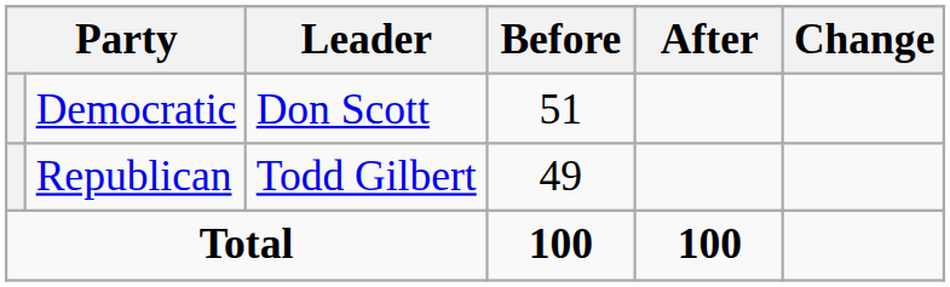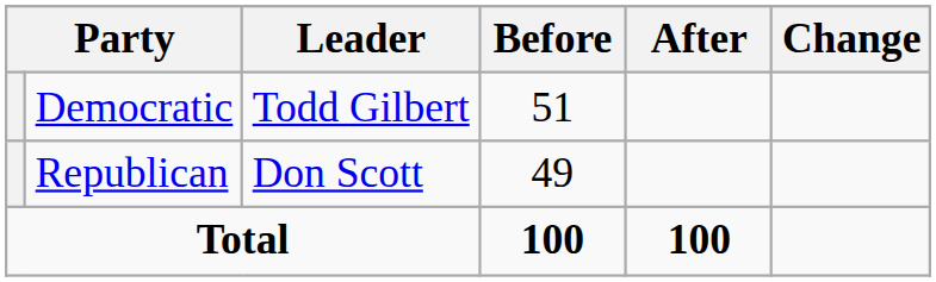 <table class="wikitable" style="text-align:center;">
 <tr>
 </tr>
 <tr>
 <th colspan="2">Party</th>
 <th>Leader</th>
 <th style="width:3em">Before</th>
 <th style="width:3em">After</th>
 <th style="width:3em">Change</th>
 </tr>
 <tr>
 <th style="background-color:"></th>
 <td style="text-align:left;"><a href='#'>Democratic</a></td>
-<td style="text-align:left;"><a href='#'>Don Scott</a></td>
+<td style="text-align:left;"><a href='#'>Todd Gilbert</a></td>
 <td>51</td>
 <td></td>
 <td></td>
 </tr>
 <tr>
 <th style="background-color:"></th>
 <td style="text-align:left;"><a href='#'>Republican</a></td>
-<td style="text-align:left;"><a href='#'>Todd Gilbert</a></td>
+<td style="text-align:left;"><a href='#'>Don Scott</a></td>
 <td>49</td>
 <td></td>
 <td></td>
 </tr>
 <tr>
 <td colspan="3"><strong>Total</strong></td>
 <td><strong>100</strong></td>
 <td><strong>100</strong></td>
 <td></td>
 </tr>
 </table>
